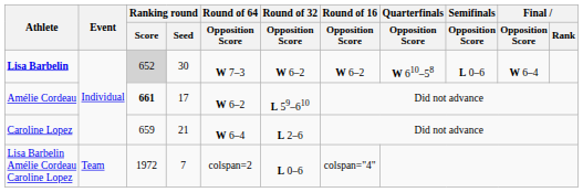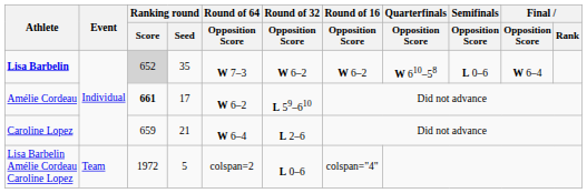 <table class="wikitable" style="font-size:90%; text-align:center">
 <tr>
 <th rowspan=2>Athlete</th>
 <th rowspan=2>Event</th>
 <th colspan="2">Ranking round</th>
 <th>Round of 64</th>
 <th>Round of 32</th>
 <th>Round of 16</th>
 <th>Quarterfinals</th>
 <th>Semifinals</th>
 <th colspan="2">Final / </th>
 </tr>
 <tr style="font-size:95%">
 <th>Score</th>
 <th>Seed</th>
 <th>Opposition<br>Score</th>
 <th>Opposition<br>Score</th>
 <th>Opposition<br>Score</th>
 <th>Opposition<br>Score</th>
 <th>Opposition<br>Score</th>
 <th>Opposition<br>Score</th>
 <th>Rank</th>
 </tr>
 <tr align=center>
 <td align=left><strong><a href='#'>Lisa Barbelin</a></strong></td>
 <td align=left rowspan=3><a href='#'>Individual</a></td>
 <td style="background: lightgrey;">652</td>
-<td>30</td>
+<td>35</td>
 <td><br><strong>W</strong> 7–3</td>
 <td><br><strong>W</strong> 6–2</td>
 <td><br><strong>W</strong> 6–2</td>
 <td><br><strong>W</strong> 6<sup>10</sup>–5<sup>8</sup></td>
 <td><br><strong>L</strong> 0–6</td>
 <td><br><strong>W</strong> 6–4</td>
 <td></td>
 </tr>
 <tr align=center>
 <td align=left><a href='#'>Amélie Cordeau</a></td>
 <td><strong>661</strong></td>
 <td>17</td>
 <td><br><strong>W</strong> 6–2</td>
 <td><br><strong>L</strong> 5<sup>9</sup>–6<sup>10</sup></td>
 <td colspan="5">Did not advance</td>
 </tr>
 <tr align=center>
 <td align=left><a href='#'>Caroline Lopez</a></td>
 <td>659</td>
 <td>21</td>
 <td><br><strong>W</strong> 6–4</td>
 <td><br><strong>L</strong> 2–6</td>
 <td colspan="5">Did not advance</td>
 </tr>
 <tr align=center>
 <td align=left><a href='#'>Lisa Barbelin</a><br><a href='#'>Amélie Cordeau</a><br><a href='#'>Caroline Lopez</a></td>
 <td align=left><a href='#'>Team</a></td>
 <td>1972</td>
-<td>7</td>
+<td>5</td>
 <td>colspan=2 </td>
 <td><br><strong>L</strong> 0–6</td>
 <td>colspan="4" </td>
 </tr>
 </table>
